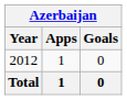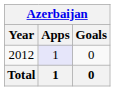 <table class="wikitable" style="text-align:center">
 <tr>
 <th colspan=3><a href='#'>Azerbaijan</a></th>
 </tr>
 <tr>
 <th>Year</th>
 <th>Apps</th>
 <th>Goals</th>
 </tr>
 <tr>
 <td>2012</td>
-<td>1</td>
+<td style="background: lavender;">1</td>
 <td>0</td>
 </tr>
 <tr>
 <th>Total</th>
 <th>1</th>
 <th>0</th>
 </tr>
 </table>
